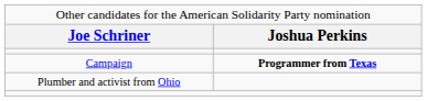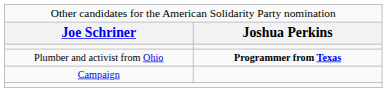 <table class="wikitable mw-collapsible mw-collapsed" style="font-size:90%; text-align:center">
 <tr>
 <td colspan=2 style=font-size:111%>Other candidates for the American Solidarity Party nomination</td>
 </tr>
 <tr style=font-size:135%>
 <th><a href='#'>Joe Schriner</a></th>
 <th>Joshua Perkins</th>
 </tr>
 <tr>
 <td></td>
 <td></td>
 </tr>
 <tr>
-<td><a href='#'>Campaign</a></td>
+<td style=width:18em>Plumber and activist from <a href='#'>Ohio</a></td>
 <td style=width:18em><strong>Programmer from <a href='#'>Texas</a></strong></td>
 </tr>
 <tr>
-<td style=width:18em>Plumber and activist from <a href='#'>Ohio</a></td>
+<td><a href='#'>Campaign</a></td>
 <td></td>
 </tr>
 <tr>
 <td colspan=2></td>
 </tr>
 </table>
